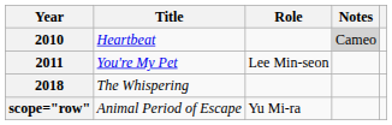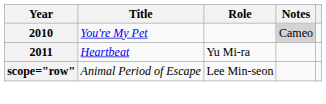 <table class="wikitable plainrowheaders">
 <tr>
 <th scope="col">Year</th>
 <th scope="col">Title</th>
 <th scope="col">Role</th>
 <th scope="col">Notes</th>
 <th scope="col"></th>
 </tr>
 <tr>
 <th scope="row">2010</th>
-<td><em><a href='#'>Heartbeat</a></em></td>
+<td><em><a href='#'>You're My Pet</a></em></td>
 <td></td>
 <td style="background: lightgrey;">Cameo</td>
 <td style="text-align:center"></td>
 </tr>
 <tr>
 <th scope="row">2011</th>
-<td><em><a href='#'>You're My Pet</a></em></td>
-<td>Lee Min-seon</td>
-<td></td>
-<td style="text-align:center"></td>
-</tr>
-<tr>
-<th scope="row">2018</th>
-<td><em>The Whispering</em></td>
-<td></td>
+<td><em><a href='#'>Heartbeat</a></em></td>
+<td>Yu Mi-ra</td>
 <td></td>
 <td style="text-align:center"></td>
 </tr>
 <tr>
 <th>scope="row" </th>
 <td><em>Animal Period of Escape</em></td>
-<td>Yu Mi-ra</td>
+<td>Lee Min-seon</td>
 <td></td>
 <td style="text-align:center"></td>
 </tr>
 </table>
